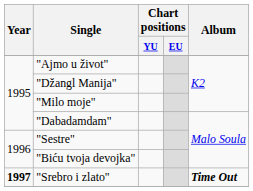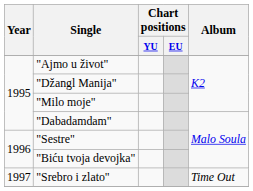 <table class="wikitable">
 <tr>
 <th rowspan="2">Year</th>
 <th rowspan="2">Single</th>
 <th colspan="2">Chart positions</th>
 <th rowspan="2">Album</th>
 </tr>
 <tr>
 <th width="20"><small><a href='#'>YU</a></small></th>
 <th width="20"><small><a href='#'>EU</a></small></th>
 </tr>
 <tr>
 </tr>
 <tr>
 <td rowspan="4">1995</td>
 <td>"Ajmo u život"</td>
 <td align="center"></td>
 <td align="center" bgcolor="#DCDCDC"></td>
 <td align="left" rowspan="3"><em><a href='#'>K2</a></em></td>
 </tr>
 <tr>
 <td>"Džangl Manija"</td>
 <td align="center"></td>
 <td align="center" bgcolor="#DCDCDC"></td>
 </tr>
 <tr>
 <td>"Milo moje"</td>
 <td align="center"></td>
 <td align="center" bgcolor="#DCDCDC"></td>
 </tr>
 <tr>
 <td>"Dabadamdam"</td>
 <td align="center"></td>
 <td align="center" bgcolor="#DCDCDC"></td>
 <td align="left" rowspan="3"><em><a href='#'>Malo Soula</a></em></td>
 </tr>
 <tr>
 <td rowspan="2">1996</td>
 <td>"Sestre"</td>
 <td align="center"></td>
 <td align="center" bgcolor="#DCDCDC"></td>
 </tr>
 <tr>
 <td>"Biću tvoja devojka"</td>
 <td align="center"></td>
 <td align="center" bgcolor="#DCDCDC"></td>
 </tr>
 <tr>
-<td rowspan="1"><strong>1997</strong></td>
+<td rowspan="1">1997</td>
 <td>"Srebro i zlato"</td>
 <td align="center"></td>
 <td align="center" bgcolor="#DCDCDC"></td>
-<td align="left" rowspan="1"><strong><em>Time Out</em></strong></td>
+<td align="left" rowspan="1"><em>Time Out</em></td>
 </tr>
 <tr>
 </tr>
 </table>
